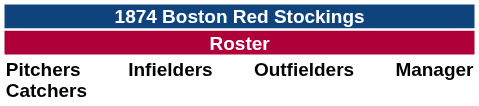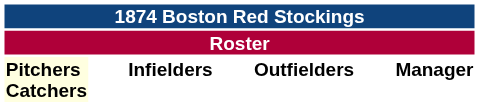 <table class="toccolours" style="font-size: 95%;">
 <tr>
 <th colspan="10" style="background-color: #0f437c; color: #FFFFFF; text-align: center;"><strong>1874 Boston Red Stockings </strong></th>
 </tr>
 <tr>
 <td colspan="10" style="background-color:#af0039; color: white; text-align: center;"><strong>Roster</strong></td>
 </tr>
 <tr>
-<td valign="top"><strong>Pitchers</strong><br>  <strong>Catchers</strong> </td>
+<td valign="top" style="background: lightyellow;"><strong>Pitchers</strong><br>  <strong>Catchers</strong> </td>
 <td width="25px"></td>
 <td valign="top"><strong>Infielders</strong><br>    </td>
 <td width="25px"></td>
 <td valign="top"><strong>Outfielders</strong><br>   </td>
 <td width="25px"></td>
 <td valign="top"><strong>Manager</strong><br></td>
 </tr>
 </table>
